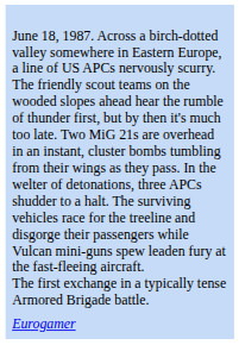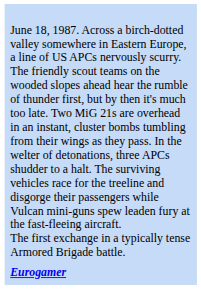 <table class="toccolours" style="float: right; margin-left: 1em; margin-right: 1em; font-size: 85%; background:#c6dbf7; color:black; width:23em; max-width: 25%;" cellspacing="5">
 <tr>
 <td style="text-align: left;"><br>June 18, 1987. Across a birch-dotted valley somewhere in Eastern Europe, a line of US APCs nervously scurry. The friendly scout teams on the wooded slopes ahead hear the rumble of thunder first, but by then it's much too late. Two MiG 21s are overhead in an instant, cluster bombs tumbling from their wings as they pass. In the welter of detonations, three APCs shudder to a halt. The surviving vehicles race for the treeline and disgorge their passengers while Vulcan mini-guns spew leaden fury at the fast-fleeing aircraft.<br>The first exchange in a typically tense Armored Brigade battle.</td>
 </tr>
 <tr>
-<td style="text-align: left;"><em><a href='#'>Eurogamer</a></em></td>
+<td style="text-align: left;"><strong><em><a href='#'>Eurogamer</a></em></strong></td>
 </tr>
 </table>
